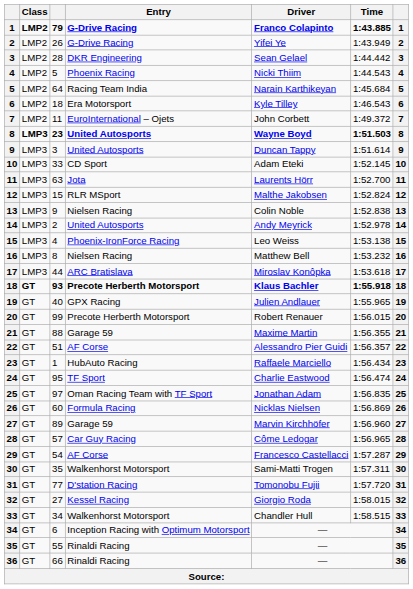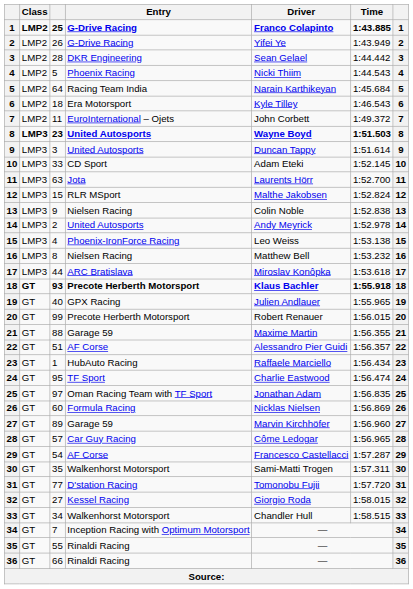 <table class="wikitable sortable" style="font-size:90%;">
 <tr>
 <th></th>
 <th class="unsortable">Class</th>
 <th class="unsortable"></th>
 <th class="unsortable">Entry</th>
 <th class="unsortable">Driver</th>
 <th class="unsortable">Time</th>
 <th></th>
 </tr>
 <tr>
 <th>1</th>
 <td><strong>LMP2</strong></td>
-<td><strong>79</strong></td>
+<td><strong>25</strong></td>
 <td><strong> <a href='#'>G-Drive Racing</a></strong></td>
 <td><strong> <a href='#'>Franco Colapinto</a></strong></td>
 <td><strong>1:43.885</strong></td>
 <th>1</th>
 </tr>
 <tr>
 <th>2</th>
 <td>LMP2</td>
 <td>26</td>
 <td> <a href='#'>G-Drive Racing</a></td>
 <td> <a href='#'>Yifei Ye</a></td>
 <td>1:43.949</td>
 <th>2</th>
 </tr>
 <tr>
 <th>3</th>
 <td>LMP2</td>
 <td>28</td>
 <td> <a href='#'>DKR Engineering</a></td>
 <td> <a href='#'>Sean Gelael</a></td>
 <td>1:44.442</td>
 <th>3</th>
 </tr>
 <tr>
 <th>4</th>
 <td>LMP2</td>
 <td>5</td>
 <td> <a href='#'>Phoenix Racing</a></td>
 <td> <a href='#'>Nicki Thiim</a></td>
 <td>1:44.543</td>
 <th>4</th>
 </tr>
 <tr>
 <th>5</th>
 <td>LMP2</td>
 <td>64</td>
 <td> Racing Team India</td>
 <td> <a href='#'>Narain Karthikeyan</a></td>
 <td>1:45.684</td>
 <th>5</th>
 </tr>
 <tr>
 <th>6</th>
 <td>LMP2</td>
 <td>18</td>
 <td> Era Motorsport</td>
 <td> <a href='#'>Kyle Tilley</a></td>
 <td>1:46.543</td>
 <th>6</th>
 </tr>
 <tr>
 <th>7</th>
 <td>LMP2</td>
 <td>11</td>
 <td> <a href='#'>EuroInternational</a> – Ojets</td>
 <td> John Corbett</td>
 <td>1:49.372</td>
 <th>7</th>
 </tr>
 <tr>
 <th>8</th>
 <td><strong>LMP3</strong></td>
 <td><strong>23</strong></td>
 <td><strong> <a href='#'>United Autosports</a></strong></td>
 <td><strong> <a href='#'>Wayne Boyd</a></strong></td>
 <td><strong>1:51.503</strong></td>
 <th>8</th>
 </tr>
 <tr>
 <th>9</th>
 <td>LMP3</td>
 <td>3</td>
 <td> <a href='#'>United Autosports</a></td>
 <td> <a href='#'>Duncan Tappy</a></td>
 <td>1:51.614</td>
 <th>9</th>
 </tr>
 <tr>
 <th>10</th>
 <td>LMP3</td>
 <td>33</td>
 <td> CD Sport</td>
 <td> Adam Eteki</td>
 <td>1:52.145</td>
 <th>10</th>
 </tr>
 <tr>
 <th>11</th>
 <td>LMP3</td>
 <td>63</td>
 <td> <a href='#'>Jota</a></td>
 <td> <a href='#'>Laurents Hörr</a></td>
 <td>1:52.700</td>
 <th>11</th>
 </tr>
 <tr>
 <th>12</th>
 <td>LMP3</td>
 <td>15</td>
 <td> RLR MSport</td>
 <td> <a href='#'>Malthe Jakobsen</a></td>
 <td>1:52.824</td>
 <th>12</th>
 </tr>
 <tr>
 <th>13</th>
 <td>LMP3</td>
 <td>9</td>
 <td> Nielsen Racing</td>
 <td> Colin Noble</td>
 <td>1:52.838</td>
 <th>13</th>
 </tr>
 <tr>
 <th>14</th>
 <td>LMP3</td>
 <td>2</td>
 <td> <a href='#'>United Autosports</a></td>
 <td> <a href='#'>Andy Meyrick</a></td>
 <td>1:52.978</td>
 <th>14</th>
 </tr>
 <tr>
 <th>15</th>
 <td>LMP3</td>
 <td>4</td>
 <td> <a href='#'>Phoenix-IronForce Racing</a></td>
 <td> Leo Weiss</td>
 <td>1:53.138</td>
 <th>15</th>
 </tr>
 <tr>
 <th>16</th>
 <td>LMP3</td>
 <td>8</td>
 <td> Nielsen Racing</td>
 <td> Matthew Bell</td>
 <td>1:53.232</td>
 <th>16</th>
 </tr>
 <tr>
 <th>17</th>
 <td>LMP3</td>
 <td>44</td>
 <td> <a href='#'>ARC Bratislava</a></td>
 <td> <a href='#'>Miroslav Konôpka</a></td>
 <td>1:53.618</td>
 <th>17</th>
 </tr>
 <tr>
 <th>18</th>
 <td><strong>GT</strong></td>
 <td><strong>93</strong></td>
 <td><strong> Precote Herberth Motorsport</strong></td>
 <td><strong> <a href='#'>Klaus Bachler</a></strong></td>
 <td><strong>1:55.918</strong></td>
 <th>18</th>
 </tr>
 <tr>
 <th>19</th>
 <td>GT</td>
 <td>40</td>
 <td> GPX Racing</td>
 <td> <a href='#'>Julien Andlauer</a></td>
 <td>1:55.965</td>
 <th>19</th>
 </tr>
 <tr>
 <th>20</th>
 <td>GT</td>
 <td>99</td>
 <td> Precote Herberth Motorsport</td>
 <td> Robert Renauer</td>
 <td>1:56.015</td>
 <th>20</th>
 </tr>
 <tr>
 <th>21</th>
 <td>GT</td>
 <td>88</td>
 <td> Garage 59</td>
 <td> <a href='#'>Maxime Martin</a></td>
 <td>1:56.355</td>
 <th>21</th>
 </tr>
 <tr>
 <th>22</th>
 <td>GT</td>
 <td>51</td>
 <td> <a href='#'>AF Corse</a></td>
 <td> <a href='#'>Alessandro Pier Guidi</a></td>
 <td>1:56.357</td>
 <th>22</th>
 </tr>
 <tr>
 <th>23</th>
 <td>GT</td>
 <td>1</td>
 <td> HubAuto Racing</td>
 <td> <a href='#'>Raffaele Marciello</a></td>
 <td>1:56.434</td>
 <th>23</th>
 </tr>
 <tr>
 <th>24</th>
 <td>GT</td>
 <td>95</td>
 <td> <a href='#'>TF Sport</a></td>
 <td> <a href='#'>Charlie Eastwood</a></td>
 <td>1:56.474</td>
 <th>24</th>
 </tr>
 <tr>
 <th>25</th>
 <td>GT</td>
 <td>97</td>
 <td> Oman Racing Team with <a href='#'>TF Sport</a></td>
 <td> <a href='#'>Jonathan Adam</a></td>
 <td>1:56.835</td>
 <th>25</th>
 </tr>
 <tr>
 <th>26</th>
 <td>GT</td>
 <td>60</td>
 <td> <a href='#'>Formula Racing</a></td>
 <td> <a href='#'>Nicklas Nielsen</a></td>
 <td>1:56.869</td>
 <th>26</th>
 </tr>
 <tr>
 <th>27</th>
 <td>GT</td>
 <td>89</td>
 <td> Garage 59</td>
 <td> <a href='#'>Marvin Kirchhöfer</a></td>
 <td>1:56.960</td>
 <th>27</th>
 </tr>
 <tr>
 <th>28</th>
 <td>GT</td>
 <td>57</td>
 <td> <a href='#'>Car Guy Racing</a></td>
 <td> <a href='#'>Côme Ledogar</a></td>
 <td>1:56.965</td>
 <th>28</th>
 </tr>
 <tr>
 <th>29</th>
 <td>GT</td>
 <td>54</td>
 <td> <a href='#'>AF Corse</a></td>
 <td> <a href='#'>Francesco Castellacci</a></td>
 <td>1:57.287</td>
 <th>29</th>
 </tr>
 <tr>
 <th>30</th>
 <td>GT</td>
 <td>35</td>
 <td> Walkenhorst Motorsport</td>
 <td> Sami-Matti Trogen</td>
 <td>1:57.311</td>
 <th>30</th>
 </tr>
 <tr>
 <th>31</th>
 <td>GT</td>
 <td>77</td>
 <td> <a href='#'>D'station Racing</a></td>
 <td> <a href='#'>Tomonobu Fujii</a></td>
 <td>1:57.720</td>
 <th>31</th>
 </tr>
 <tr>
 <th>32</th>
 <td>GT</td>
 <td>27</td>
 <td> <a href='#'>Kessel Racing</a></td>
 <td> <a href='#'>Giorgio Roda</a></td>
 <td>1:58.015</td>
 <th>32</th>
 </tr>
 <tr>
 <th>33</th>
 <td>GT</td>
 <td>34</td>
 <td> Walkenhorst Motorsport</td>
 <td> Chandler Hull</td>
 <td>1:58.515</td>
 <th>33</th>
 </tr>
 <tr>
 <th>34</th>
 <td>GT</td>
-<td>6</td>
+<td>7</td>
 <td> Inception Racing with <a href='#'>Optimum Motorsport</a></td>
 <td colspan="2" align="center">—</td>
 <th>34</th>
 </tr>
 <tr>
 <th>35</th>
 <td>GT</td>
 <td>55</td>
 <td> Rinaldi Racing</td>
 <td colspan="2" align="center">—</td>
 <th>35</th>
 </tr>
 <tr>
 <th>36</th>
 <td>GT</td>
 <td>66</td>
 <td> Rinaldi Racing</td>
 <td colspan="2" align="center">—</td>
 <th>36</th>
 </tr>
 <tr>
 <th colspan="7">Source:</th>
 </tr>
 </table>
